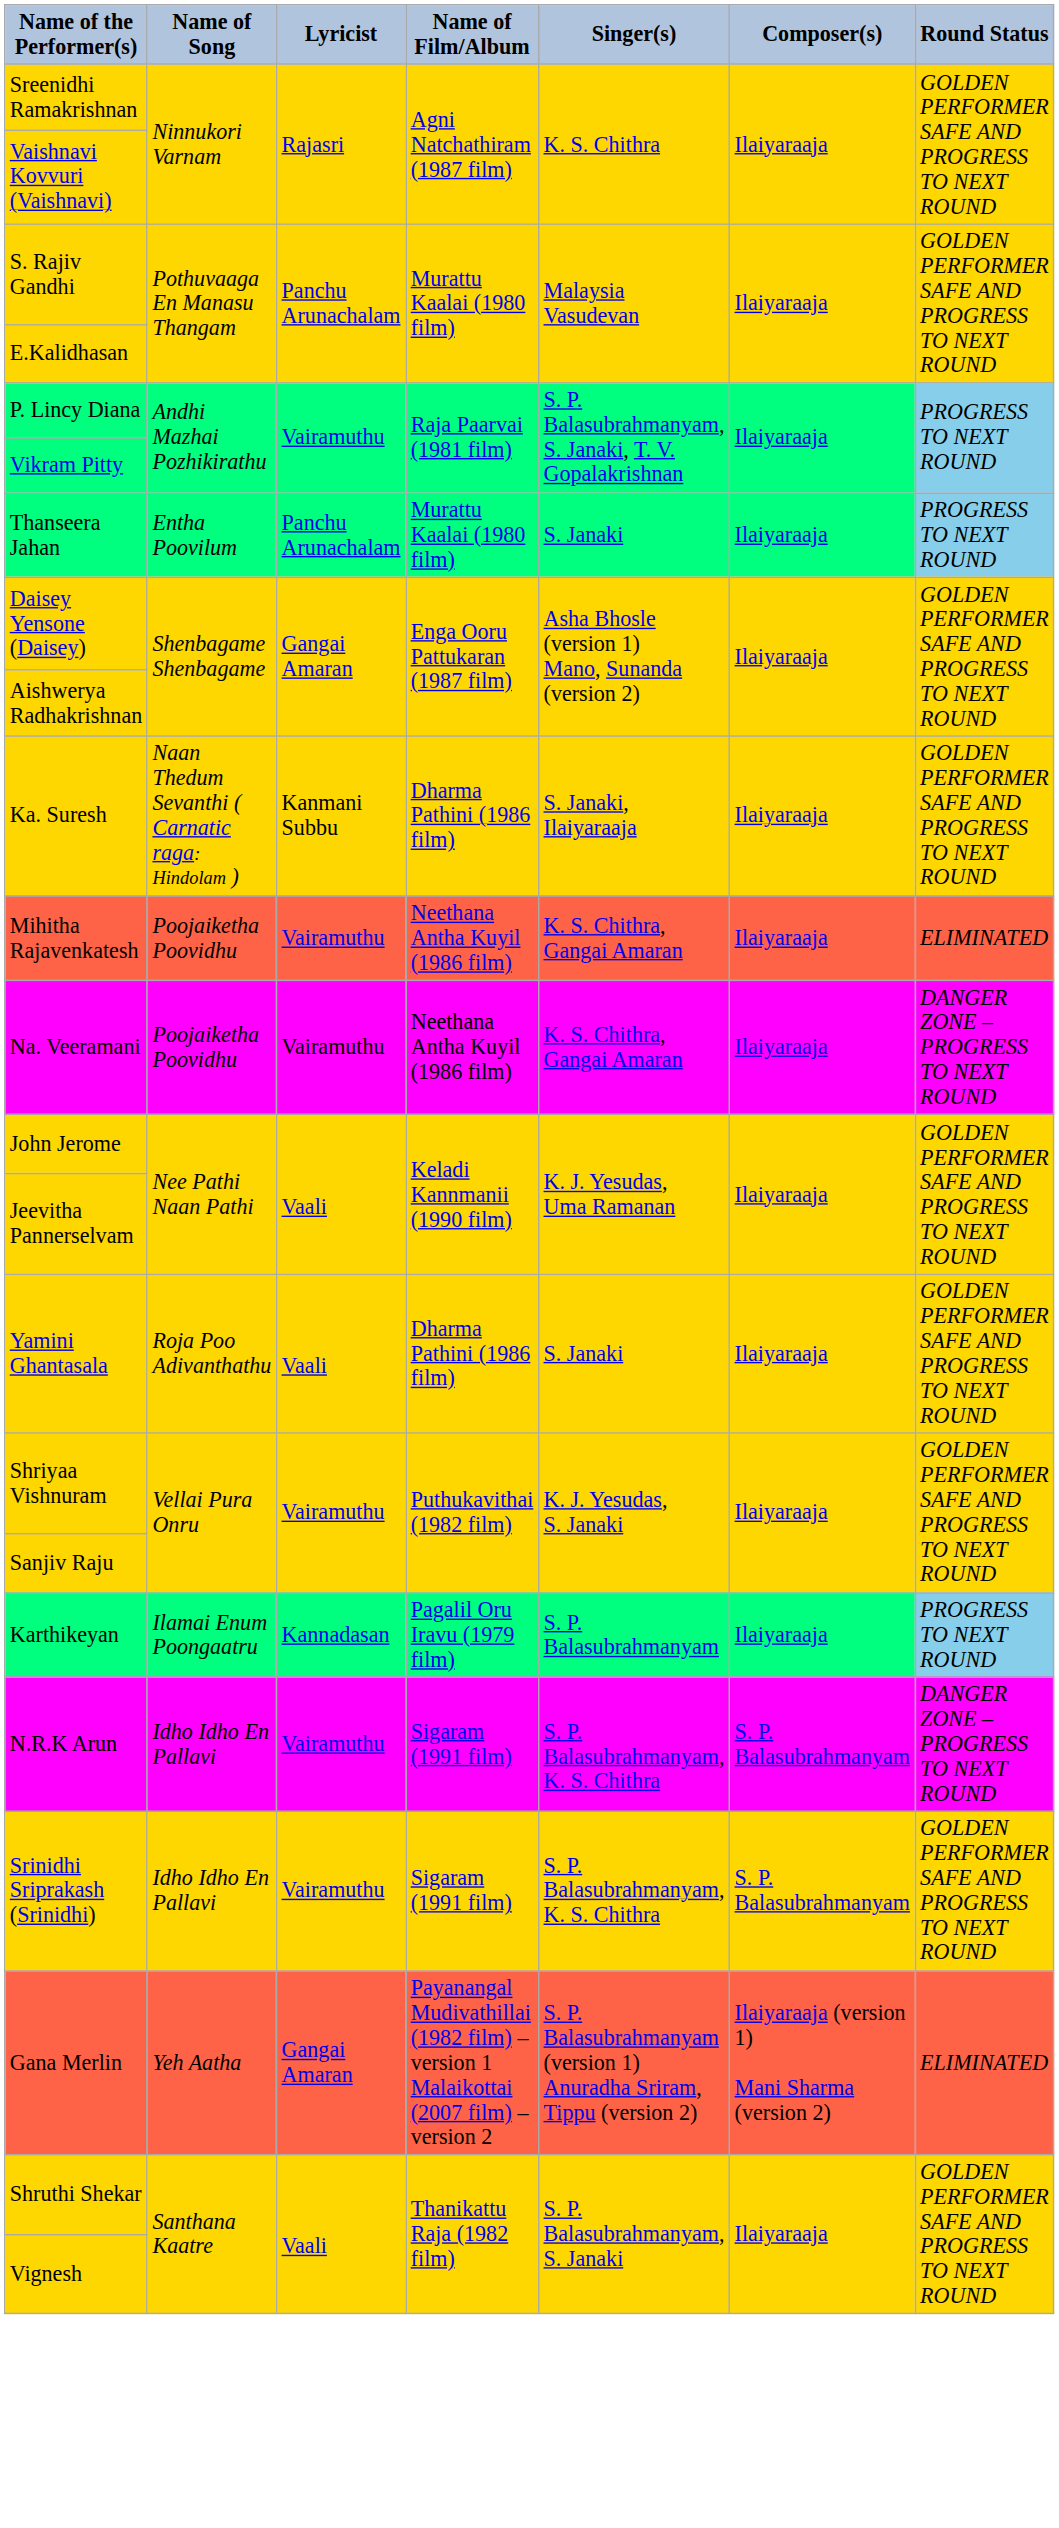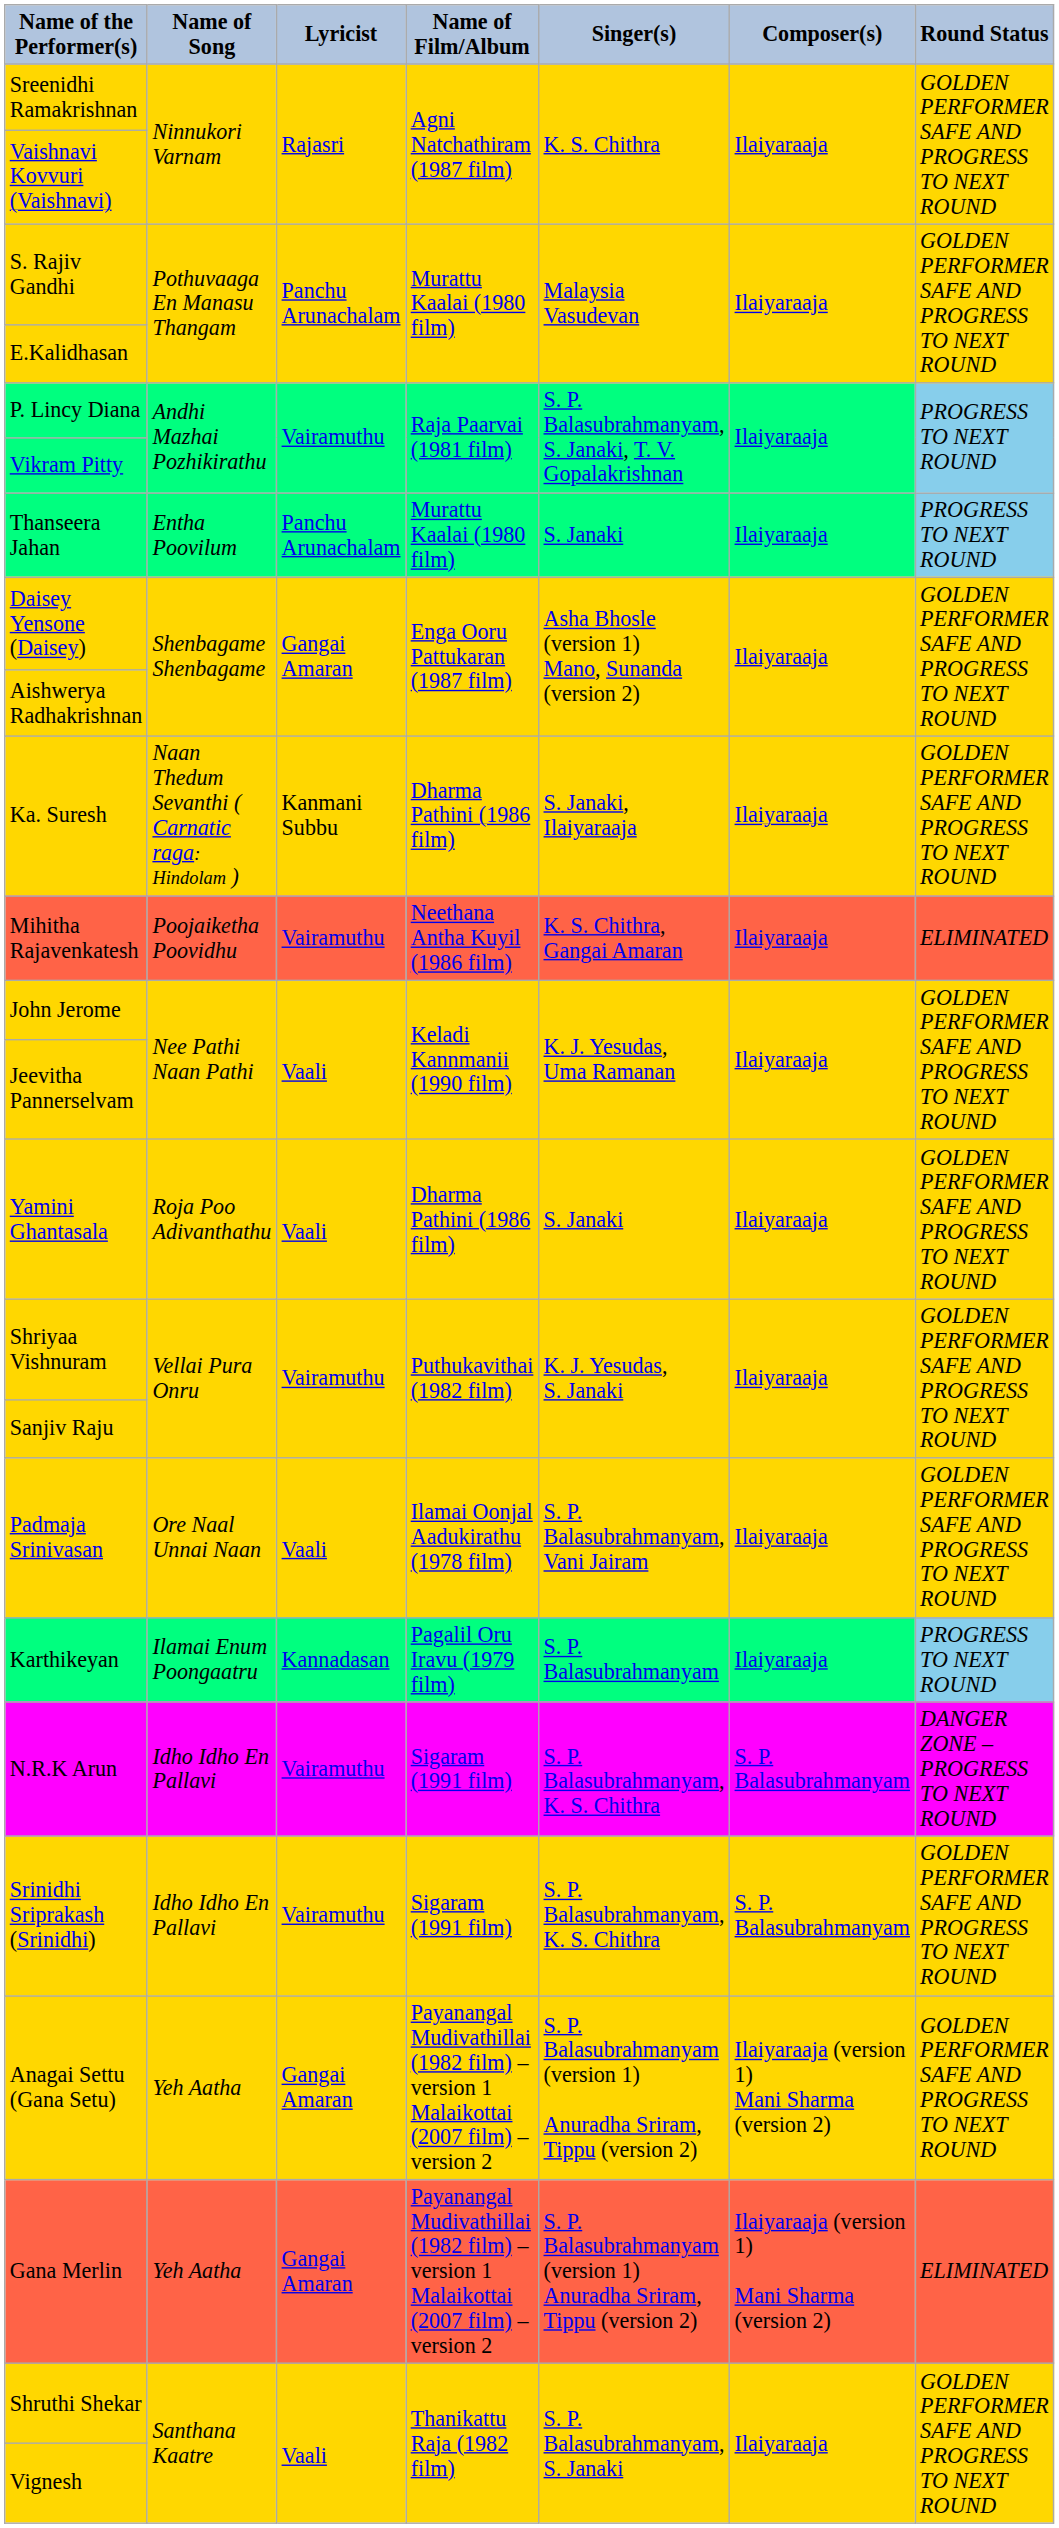 <table class="wikitable">
 <tr>
 <th style="width:5pt; background:LightSteelBlue;">Name of the Performer(s)</th>
 <th style="width:5pt; background:LightSteelBlue;">Name of Song</th>
 <th style="width:5pt; background:LightSteelBlue;">Lyricist</th>
 <th style="width:5pt; background:LightSteelBlue;">Name of Film/Album</th>
 <th style="width:5pt; background:LightSteelBlue;">Singer(s)</th>
 <th style="width:5pt; background:LightSteelBlue;">Composer(s)</th>
 <th style="width:5pt; background:LightSteelBlue;">Round Status</th>
 </tr>
 <tr>
 <td bgcolor="#FFD700">Sreenidhi Ramakrishnan</td>
 <td rowspan="2" bgcolor="#FFD700"><em>Ninnukori Varnam</em></td>
 <td rowspan="2" bgcolor="#FFD700"><a href='#'>Rajasri</a></td>
 <td rowspan="2" bgcolor="#FFD700"><a href='#'>Agni Natchathiram (1987 film)</a></td>
 <td rowspan="2" bgcolor="#FFD700"><a href='#'>K. S. Chithra</a></td>
 <td rowspan="2" bgcolor="#FFD700"><a href='#'>Ilaiyaraaja</a></td>
 <td rowspan="2" bgcolor="#FFD700"><em>GOLDEN PERFORMER SAFE AND PROGRESS TO NEXT ROUND</em></td>
 </tr>
 <tr>
 <td bgcolor="#FFD700"><a href='#'>Vaishnavi Kovvuri</a> <a href='#'>(Vaishnavi)</a></td>
 </tr>
 <tr>
 <td bgcolor="#FFD700">S. Rajiv Gandhi</td>
 <td rowspan="2" bgcolor="#FFD700"><em>Pothuvaaga En Manasu Thangam</em></td>
 <td rowspan="2" bgcolor="#FFD700"><a href='#'>Panchu Arunachalam</a></td>
 <td rowspan="2" bgcolor="#FFD700"><a href='#'>Murattu Kaalai (1980 film)</a></td>
 <td rowspan="2" bgcolor="#FFD700"><a href='#'>Malaysia Vasudevan</a></td>
 <td rowspan="2" bgcolor="#FFD700"><a href='#'>Ilaiyaraaja</a></td>
 <td rowspan="2" bgcolor="#FFD700"><em>GOLDEN PERFORMER SAFE AND PROGRESS TO NEXT ROUND</em></td>
 </tr>
 <tr>
 <td bgcolor="#FFD700">E.Kalidhasan</td>
 </tr>
 <tr>
 <td bgcolor="#00FF7F">P. Lincy Diana</td>
 <td rowspan="2" bgcolor="#00FF7F"><em>Andhi Mazhai Pozhikirathu</em></td>
 <td rowspan="2" bgcolor="#00FF7F"><a href='#'>Vairamuthu</a></td>
 <td rowspan="2" bgcolor="#00FF7F"><a href='#'>Raja Paarvai (1981 film)</a></td>
 <td rowspan="2" bgcolor="#00FF7F"><a href='#'>S. P. Balasubrahmanyam</a>, <a href='#'>S. Janaki</a>, <a href='#'>T. V. Gopalakrishnan</a></td>
 <td rowspan="2" bgcolor="#00FF7F"><a href='#'>Ilaiyaraaja</a></td>
 <td rowspan="2" bgcolor="skyblue"><em>PROGRESS TO NEXT ROUND</em></td>
 </tr>
 <tr>
 <td bgcolor="#00FF7F"><a href='#'>Vikram Pitty</a></td>
 </tr>
 <tr>
 <td bgcolor="#00FF7F">Thanseera Jahan</td>
 <td bgcolor="#00FF7F"><em>Entha Poovilum</em></td>
 <td bgcolor="#00FF7F"><a href='#'>Panchu Arunachalam</a></td>
 <td bgcolor="#00FF7F"><a href='#'>Murattu Kaalai (1980 film)</a></td>
 <td bgcolor="#00FF7F"><a href='#'>S. Janaki</a></td>
 <td bgcolor="#00FF7F"><a href='#'>Ilaiyaraaja</a></td>
 <td bgcolor="skyblue"><em>PROGRESS TO NEXT ROUND</em></td>
 </tr>
 <tr>
 <td bgcolor="#FFD700"><a href='#'>Daisey Yensone</a><br>(<a href='#'>Daisey</a>)</td>
 <td rowspan="2" bgcolor="#FFD700"><em>Shenbagame Shenbagame</em></td>
 <td rowspan="2" bgcolor="#FFD700"><a href='#'>Gangai Amaran</a></td>
 <td rowspan="2" bgcolor="#FFD700"><a href='#'>Enga Ooru Pattukaran (1987 film)</a></td>
 <td rowspan="2" bgcolor="#FFD700"><a href='#'>Asha Bhosle</a><br>(version 1)<br><a href='#'>Mano</a>, <a href='#'>Sunanda</a> (version 2)</td>
 <td rowspan="2" bgcolor="#FFD700"><a href='#'>Ilaiyaraaja</a></td>
 <td rowspan="2" bgcolor="#FFD700"><em>GOLDEN PERFORMER SAFE AND PROGRESS TO NEXT ROUND</em></td>
 </tr>
 <tr>
 <td bgcolor="#FFD700">Aishwerya Radhakrishnan</td>
 </tr>
 <tr>
 <td bgcolor="#FFD700">Ka. Suresh</td>
 <td bgcolor="#FFD700"><em>Naan Thedum Sevanthi ( <a href='#'>Carnatic</a> <a href='#'>raga</a><small>: Hindolam</small> )</em></td>
 <td bgcolor="#FFD700">Kanmani Subbu</td>
 <td bgcolor="#FFD700"><a href='#'>Dharma Pathini (1986 film)</a></td>
 <td bgcolor="#FFD700"><a href='#'>S. Janaki</a>,<br><a href='#'>Ilaiyaraaja</a></td>
 <td bgcolor="#FFD700"><a href='#'>Ilaiyaraaja</a></td>
 <td bgcolor="#FFD700"><em>GOLDEN PERFORMER SAFE AND PROGRESS TO NEXT ROUND</em></td>
 </tr>
 <tr>
 <td bgcolor="tomato">Mihitha Rajavenkatesh</td>
 <td bgcolor="tomato"><em>Poojaiketha Poovidhu</em></td>
 <td bgcolor="tomato"><a href='#'>Vairamuthu</a></td>
 <td bgcolor="tomato"><a href='#'>Neethana Antha Kuyil (1986 film)</a></td>
 <td bgcolor="tomato"><a href='#'>K. S. Chithra</a>, <a href='#'>Gangai Amaran</a></td>
 <td bgcolor="tomato"><a href='#'>Ilaiyaraaja</a></td>
 <td bgcolor="tomato"><em>ELIMINATED</em></td>
 </tr>
 <tr>
-<td bgcolor="magenta">Na. Veeramani</td>
-<td bgcolor="magenta"><em>Poojaiketha Poovidhu</em></td>
-<td bgcolor="magenta">Vairamuthu</td>
-<td bgcolor="magenta">Neethana Antha Kuyil (1986 film)</td>
-<td bgcolor="magenta"><a href='#'>K. S. Chithra</a>, <a href='#'>Gangai Amaran</a></td>
-<td bgcolor="magenta"><a href='#'>Ilaiyaraaja</a></td>
-<td bgcolor="magenta"><em>DANGER ZONE – PROGRESS TO NEXT ROUND</em></td>
-</tr>
-<tr>
 <td bgcolor="#FFD700">John Jerome</td>
 <td rowspan="2" bgcolor="#FFD700"><em>Nee Pathi Naan Pathi</em></td>
 <td rowspan="2" bgcolor="#FFD700"><br><a href='#'>Vaali</a></td>
 <td rowspan="2" bgcolor="#FFD700"><a href='#'>Keladi Kannmanii (1990 film)</a></td>
 <td rowspan="2" bgcolor="#FFD700"><a href='#'>K. J. Yesudas</a>, <br> <a href='#'>Uma Ramanan</a></td>
 <td rowspan="2" bgcolor="#FFD700"><a href='#'>Ilaiyaraaja</a></td>
 <td rowspan="2" bgcolor="#FFD700"><em>GOLDEN PERFORMER SAFE AND PROGRESS TO NEXT ROUND</em></td>
 </tr>
 <tr>
 <td bgcolor="#FFD700">Jeevitha Pannerselvam</td>
 </tr>
 <tr>
 <td bgcolor="#FFD700"><a href='#'>Yamini Ghantasala</a></td>
 <td bgcolor="#FFD700"><em>Roja Poo Adivanthathu</em></td>
 <td bgcolor="#FFD700"><br><a href='#'>Vaali</a></td>
 <td bgcolor="#FFD700"><a href='#'>Dharma Pathini (1986 film)</a></td>
 <td bgcolor="#FFD700"><a href='#'>S. Janaki</a></td>
 <td bgcolor="#FFD700"><a href='#'>Ilaiyaraaja</a></td>
 <td bgcolor="#FFD700"><em>GOLDEN PERFORMER SAFE AND PROGRESS TO NEXT ROUND</em></td>
 </tr>
 <tr>
 <td bgcolor="#FFD700">Shriyaa Vishnuram</td>
 <td rowspan="2" bgcolor="#FFD700"><em>Vellai Pura Onru</em></td>
 <td rowspan="2" bgcolor="#FFD700"><a href='#'>Vairamuthu</a></td>
 <td rowspan="2" bgcolor="#FFD700"><a href='#'>Puthukavithai (1982 film)</a></td>
 <td rowspan="2" bgcolor="#FFD700"><a href='#'>K. J. Yesudas</a>,<br><a href='#'>S. Janaki</a></td>
 <td rowspan="2" bgcolor="#FFD700"><a href='#'>Ilaiyaraaja</a></td>
 <td rowspan="2" bgcolor="#FFD700"><em>GOLDEN PERFORMER SAFE AND PROGRESS TO NEXT ROUND</em></td>
 </tr>
 <tr>
 <td bgcolor="#FFD700">Sanjiv Raju</td>
 </tr>
 <tr>
+<td bgcolor="#FFD700"><a href='#'>Padmaja Srinivasan</a></td>
+<td bgcolor="#FFD700"><em>Ore Naal Unnai Naan</em></td>
+<td bgcolor="#FFD700"><br><a href='#'>Vaali</a></td>
+<td bgcolor="#FFD700"><a href='#'>Ilamai Oonjal Aadukirathu (1978 film)</a></td>
+<td bgcolor="#FFD700"><a href='#'>S. P. Balasubrahmanyam</a>, <a href='#'>Vani Jairam</a></td>
+<td bgcolor="#FFD700"><a href='#'>Ilaiyaraaja</a></td>
+<td bgcolor="#FFD700"><em>GOLDEN PERFORMER SAFE AND PROGRESS TO NEXT ROUND</em></td>
+</tr>
+<tr>
 <td bgcolor="#00FF7F">Karthikeyan</td>
 <td bgcolor="#00FF7F"><em>Ilamai Enum Poongaatru</em></td>
 <td bgcolor="#00FF7F"><a href='#'>Kannadasan</a></td>
 <td bgcolor="#00FF7F"><a href='#'>Pagalil Oru Iravu (1979 film)</a></td>
 <td bgcolor="#00FF7F"><a href='#'>S. P. Balasubrahmanyam</a></td>
 <td bgcolor="#00FF7F"><a href='#'>Ilaiyaraaja</a></td>
 <td bgcolor="skyblue"><em>PROGRESS TO NEXT ROUND</em></td>
 </tr>
 <tr>
 <td bgcolor="magenta">N.R.K Arun</td>
 <td bgcolor="magenta"><em>Idho Idho En Pallavi</em></td>
 <td bgcolor="magenta"><a href='#'>Vairamuthu</a></td>
 <td bgcolor="magenta"><a href='#'>Sigaram (1991 film)</a></td>
 <td bgcolor="magenta"><br><a href='#'>S. P. Balasubrahmanyam</a>, <a href='#'>K. S. Chithra</a></td>
 <td bgcolor="magenta"><a href='#'>S. P. Balasubrahmanyam</a></td>
 <td bgcolor="magenta"><em>DANGER ZONE – PROGRESS TO NEXT ROUND</em></td>
 </tr>
 <tr>
 <td bgcolor="#FFD700"><a href='#'>Srinidhi Sriprakash</a> (<a href='#'>Srinidhi</a>)</td>
 <td bgcolor="#FFD700"><em>Idho Idho En Pallavi</em></td>
 <td bgcolor="#FFD700"><a href='#'>Vairamuthu</a></td>
 <td bgcolor="#FFD700"><a href='#'>Sigaram (1991 film)</a></td>
 <td bgcolor="#FFD700"><a href='#'>S. P. Balasubrahmanyam</a>, <a href='#'>K. S. Chithra</a></td>
 <td bgcolor="#FFD700"><a href='#'>S. P. Balasubrahmanyam</a></td>
 <td bgcolor="#FFD700"><em>GOLDEN PERFORMER SAFE AND PROGRESS TO NEXT ROUND</em></td>
 </tr>
 <tr>
+<td bgcolor="#FFD700">Anagai Settu (Gana Setu)</td>
+<td bgcolor="#FFD700"><em>Yeh Aatha</em></td>
+<td bgcolor="#FFD700"><a href='#'>Gangai Amaran</a></td>
+<td bgcolor="#FFD700"><a href='#'>Payanangal Mudivathillai (1982 film)</a> – version 1<br><a href='#'>Malaikottai (2007 film)</a> – version 2</td>
+<td bgcolor="#FFD700"><a href='#'>S. P. Balasubrahmanyam</a> (version 1)<br><br><a href='#'>Anuradha Sriram</a>, <br> <a href='#'>Tippu</a> (version 2)</td>
+<td bgcolor="#FFD700"><a href='#'>Ilaiyaraaja</a> (version 1)<br><a href='#'>Mani Sharma</a> (version 2)</td>
+<td bgcolor="#FFD700"><em>GOLDEN PERFORMER SAFE AND PROGRESS TO NEXT ROUND</em></td>
+</tr>
+<tr>
 <td bgcolor="tomato">Gana Merlin</td>
 <td bgcolor="tomato"><em>Yeh Aatha</em></td>
 <td bgcolor="tomato"><a href='#'>Gangai Amaran</a></td>
 <td bgcolor="tomato"><a href='#'>Payanangal Mudivathillai (1982 film)</a> – version 1<br><a href='#'>Malaikottai (2007 film)</a> – version 2</td>
 <td bgcolor="tomato"><a href='#'>S. P. Balasubrahmanyam</a> (version 1)<br><a href='#'>Anuradha Sriram</a>,  <br><a href='#'>Tippu</a> (version 2)</td>
 <td bgcolor="tomato"><a href='#'>Ilaiyaraaja</a> (version 1)<br><br><a href='#'>Mani Sharma</a> (version 2)</td>
 <td bgcolor="tomato"><em>ELIMINATED</em></td>
 </tr>
 <tr>
 <td bgcolor="#FFD700">Shruthi Shekar</td>
 <td rowspan="2" bgcolor="#FFD700"><em>Santhana Kaatre</em></td>
 <td rowspan="2" bgcolor="#FFD700"><br><a href='#'>Vaali</a></td>
 <td rowspan="2" bgcolor="#FFD700"><a href='#'>Thanikattu Raja (1982 film)</a></td>
 <td rowspan="2" bgcolor="#FFD700"><a href='#'>S. P. Balasubrahmanyam</a>, <a href='#'>S. Janaki</a></td>
 <td rowspan="2" bgcolor="#FFD700"><a href='#'>Ilaiyaraaja</a></td>
 <td rowspan="2" bgcolor="#FFD700"><em>GOLDEN PERFORMER SAFE AND PROGRESS TO NEXT ROUND</em></td>
 </tr>
 <tr>
 <td bgcolor="#FFD700">Vignesh</td>
 </tr>
 </table>
